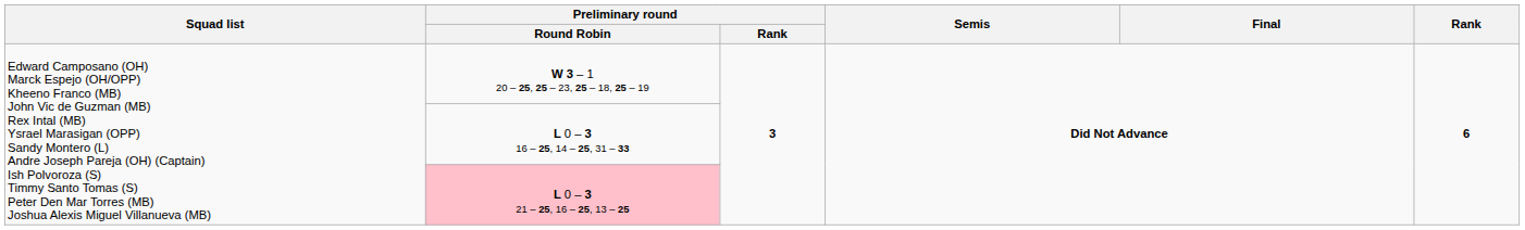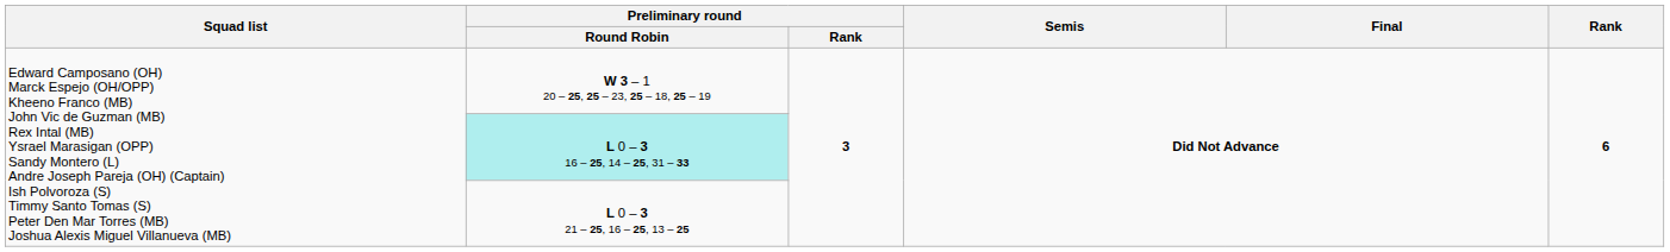 <table class="wikitable" width="90%" style="text-align:left; font-size:90%">
 <tr>
 <th rowspan="2" width="20%">Squad list</th>
 <th colspan="2">Preliminary round</th>
 <th rowspan="2" width="14%">Semis</th>
 <th rowspan="2" width="14%">Final</th>
 <th rowspan="2" width="5%">Rank</th>
 </tr>
 <tr>
 <th width="14%">Round Robin</th>
 <th width="5%">Rank</th>
 </tr>
 <tr>
 <td rowspan="3"><br>Edward Camposano (OH)<br> Marck Espejo (OH/OPP)<br> Kheeno Franco (MB)<br> John Vic de Guzman (MB)<br> Rex Intal (MB)<br> Ysrael Marasigan (OPP)<br> Sandy Montero (L)<br> Andre Joseph Pareja (OH) (Captain)<br> Ish Polvoroza (S)<br> Timmy Santo Tomas (S)<br> Peter Den Mar Torres (MB)<br> Joshua Alexis Miguel Villanueva (MB)</td>
 <td align=center><br> <strong>W 3</strong> – 1 <br> <small> 20 – <strong>25</strong>, <strong>25</strong> – 23,  <strong>25</strong> – 18, <strong>25</strong> – 19 </small></td>
 <td rowspan=3 align=center><strong>3</strong></td>
 <td rowspan=3 align=center colspan=2><strong>Did Not Advance</strong></td>
 <td rowspan=3 align=center><strong>6</strong></td>
 </tr>
 <tr>
-<td align=center><br> <strong>L</strong> 0 – <strong>3</strong> <br> <small> 16 – <strong>25</strong>, 14 – <strong>25</strong>, 31 – <strong>33</strong></small></td>
+<td align=center style="background: paleturquoise;"><br> <strong>L</strong> 0 – <strong>3</strong> <br> <small> 16 – <strong>25</strong>, 14 – <strong>25</strong>, 31 – <strong>33</strong></small></td>
 </tr>
 <tr>
-<td align=center style="background: pink;"><br> <strong>L</strong> 0 – <strong>3</strong> <br> <small> 21 – <strong>25</strong>, 16 – <strong>25</strong>, 13 – <strong>25</strong></small></td>
+<td align=center><br> <strong>L</strong> 0 – <strong>3</strong> <br> <small> 21 – <strong>25</strong>, 16 – <strong>25</strong>, 13 – <strong>25</strong></small></td>
 </tr>
 </table>
